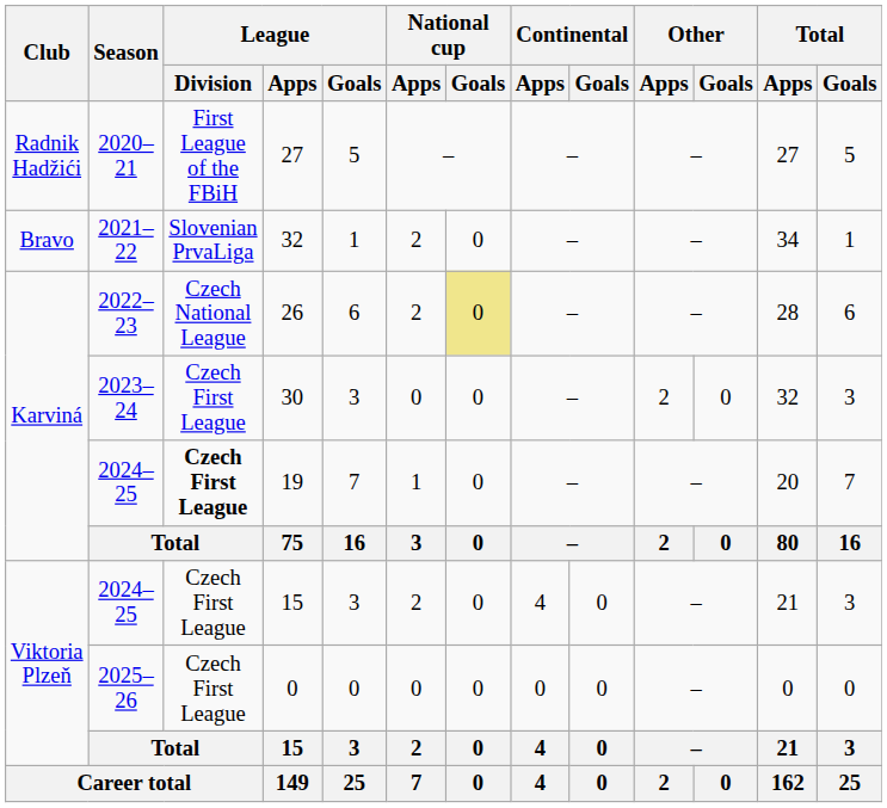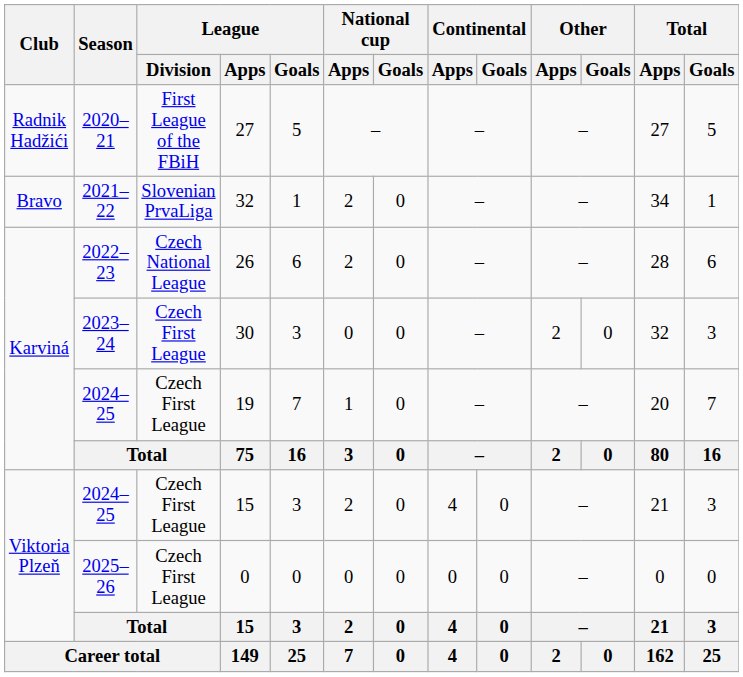 <table class="wikitable" style="text-align:center">
 <tr>
 <th rowspan=2>Club</th>
 <th rowspan=2>Season</th>
 <th colspan=3>League</th>
 <th colspan=2>National cup</th>
 <th colspan=2>Continental</th>
 <th colspan=2>Other</th>
 <th colspan=2>Total</th>
 </tr>
 <tr>
 <th>Division</th>
 <th>Apps</th>
 <th>Goals</th>
 <th>Apps</th>
 <th>Goals</th>
 <th>Apps</th>
 <th>Goals</th>
 <th>Apps</th>
 <th>Goals</th>
 <th>Apps</th>
 <th>Goals</th>
 </tr>
 <tr>
 <td><a href='#'>Radnik Hadžići</a></td>
 <td><a href='#'>2020–21</a></td>
 <td><a href='#'>First League of the FBiH</a></td>
 <td>27</td>
 <td>5</td>
 <td colspan=2>–</td>
 <td colspan=2>–</td>
 <td colspan=2>–</td>
 <td>27</td>
 <td>5</td>
 </tr>
 <tr>
 <td><a href='#'>Bravo</a></td>
 <td><a href='#'>2021–22</a></td>
 <td><a href='#'>Slovenian PrvaLiga</a></td>
 <td>32</td>
 <td>1</td>
 <td>2</td>
 <td>0</td>
 <td colspan=2>–</td>
 <td colspan=2>–</td>
 <td>34</td>
 <td>1</td>
 </tr>
 <tr>
 <td rowspan=4><a href='#'>Karviná</a></td>
 <td><a href='#'>2022–23</a></td>
 <td><a href='#'>Czech National League</a></td>
 <td>26</td>
 <td>6</td>
 <td>2</td>
-<td style="background: khaki;">0</td>
+<td>0</td>
 <td colspan=2>–</td>
 <td colspan=2>–</td>
 <td>28</td>
 <td>6</td>
 </tr>
 <tr>
 <td><a href='#'>2023–24</a></td>
 <td><a href='#'>Czech First League</a></td>
 <td>30</td>
 <td>3</td>
 <td>0</td>
 <td>0</td>
 <td colspan=2>–</td>
 <td>2</td>
 <td>0</td>
 <td>32</td>
 <td>3</td>
 </tr>
 <tr>
 <td><a href='#'>2024–25</a></td>
-<td><strong>Czech First League</strong></td>
+<td>Czech First League</td>
 <td>19</td>
 <td>7</td>
 <td>1</td>
 <td>0</td>
 <td colspan=2>–</td>
 <td colspan=2>–</td>
 <td>20</td>
 <td>7</td>
 </tr>
 <tr>
 <th colspan=2>Total</th>
 <th>75</th>
 <th>16</th>
 <th>3</th>
 <th>0</th>
 <th colspan=2>–</th>
 <th>2</th>
 <th>0</th>
 <th>80</th>
 <th>16</th>
 </tr>
 <tr>
 <td rowspan=3><a href='#'>Viktoria Plzeň</a></td>
 <td><a href='#'>2024–25</a></td>
 <td>Czech First League</td>
 <td>15</td>
 <td>3</td>
 <td>2</td>
 <td>0</td>
 <td>4</td>
 <td>0</td>
 <td colspan=2>–</td>
 <td>21</td>
 <td>3</td>
 </tr>
 <tr>
 <td><a href='#'>2025–26</a></td>
 <td>Czech First League</td>
 <td>0</td>
 <td>0</td>
 <td>0</td>
 <td>0</td>
 <td>0</td>
 <td>0</td>
 <td colspan=2>–</td>
 <td>0</td>
 <td>0</td>
 </tr>
 <tr>
 <th colspan=2>Total</th>
 <th>15</th>
 <th>3</th>
 <th>2</th>
 <th>0</th>
 <th>4</th>
 <th>0</th>
 <th colspan=2>–</th>
 <th>21</th>
 <th>3</th>
 </tr>
 <tr>
 <th colspan=3>Career total</th>
 <th>149</th>
 <th>25</th>
 <th>7</th>
 <th>0</th>
 <th>4</th>
 <th>0</th>
 <th>2</th>
 <th>0</th>
 <th>162</th>
 <th>25</th>
 </tr>
 </table>
